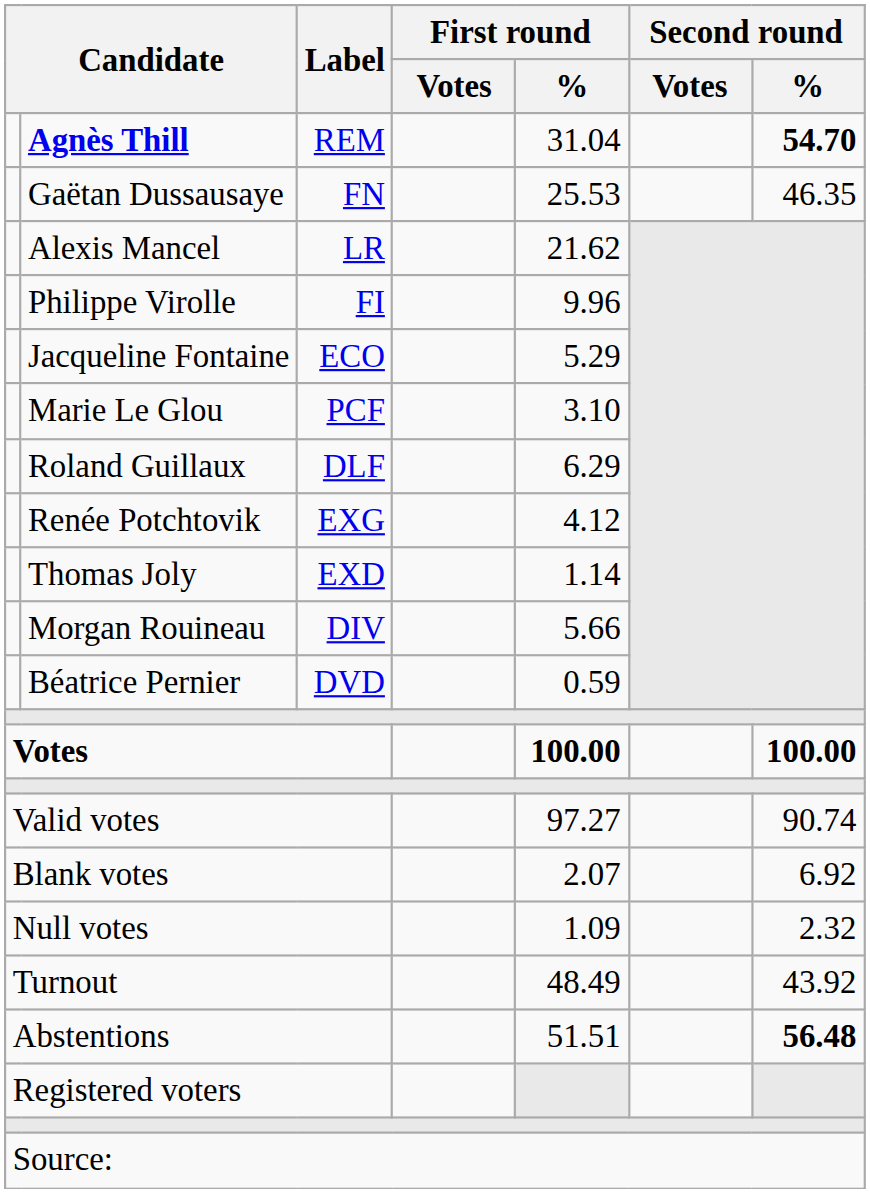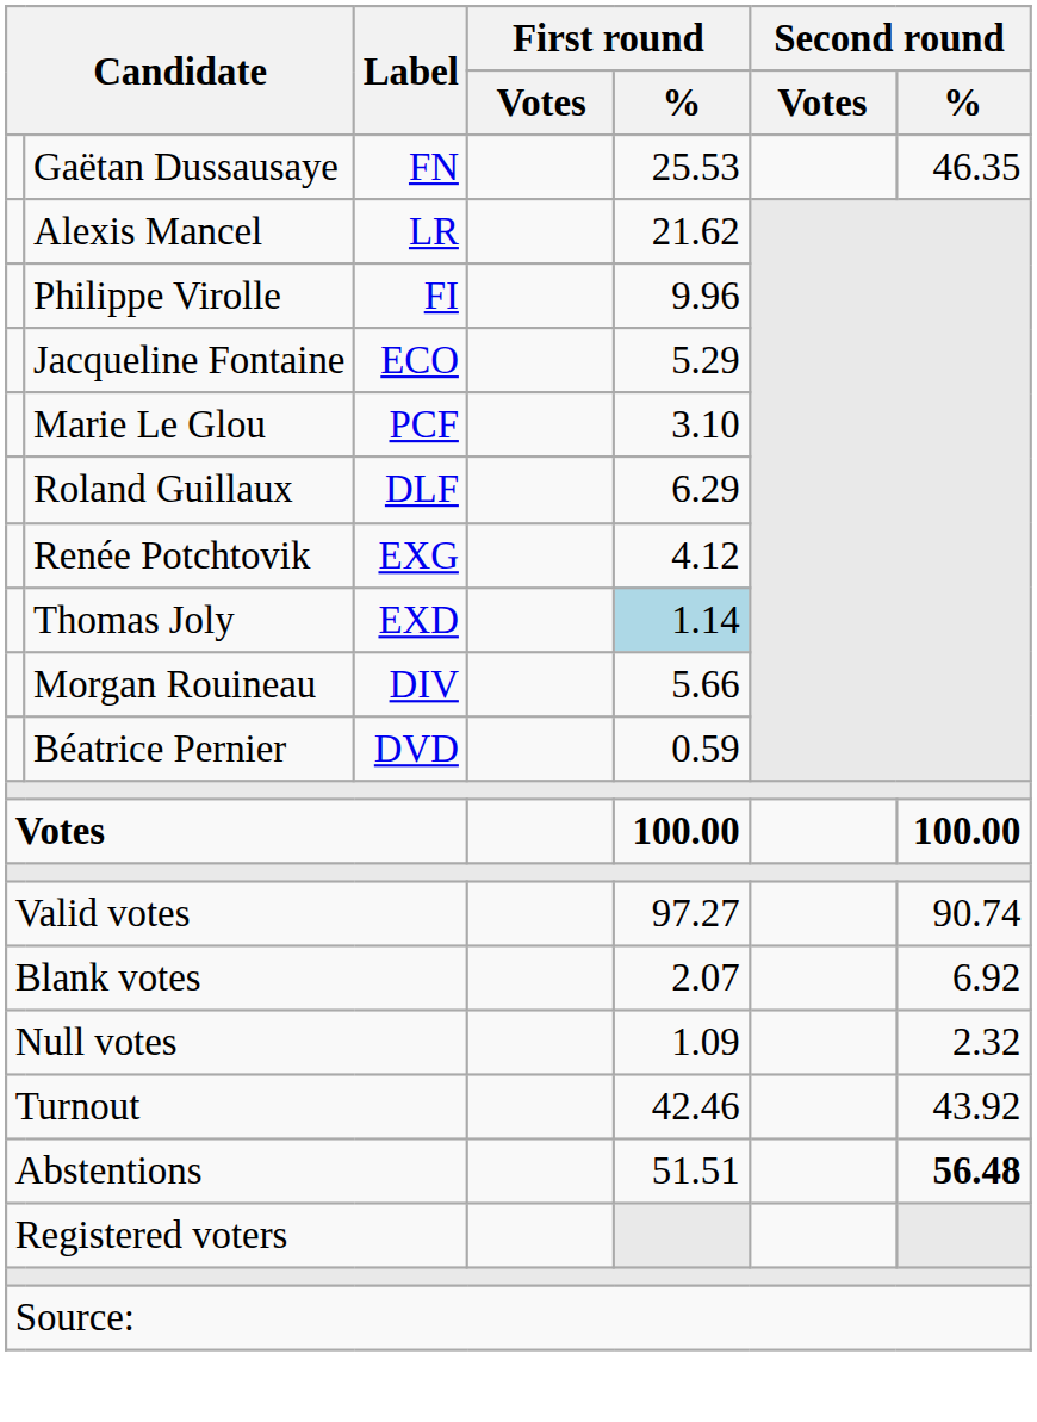 <table class="wikitable" style="text-align:right;font-size:95%;">
 <tr>
 <th rowspan="2" colspan="2">Candidate</th>
 <th rowspan="2">Label</th>
 <th colspan="2">First round</th>
 <th colspan="2">Second round</th>
 </tr>
 <tr>
 <th style="width:50px;">Votes</th>
 <th style="width:45px;">%</th>
 <th style="width:50px;">Votes</th>
 <th style="width:45px;">%</th>
-</tr>
-<tr>
-<td style="color:inherit;background:"></td>
-<td style="text-align:left;"><strong><a href='#'>Agnès Thill</a></strong></td>
-<td><a href='#'>REM</a></td>
-<td></td>
-<td>31.04</td>
-<td><strong></strong></td>
-<td><strong>54.70</strong></td>
 </tr>
 <tr>
 <td style="color:inherit;background:"></td>
 <td style="text-align:left;">Gaëtan Dussausaye</td>
 <td><a href='#'>FN</a></td>
 <td></td>
 <td>25.53</td>
 <td></td>
 <td>46.35</td>
 </tr>
 <tr>
 <td style="color:inherit;background:"></td>
 <td style="text-align:left;">Alexis Mancel</td>
 <td><a href='#'>LR</a></td>
 <td></td>
 <td>21.62</td>
 <td colspan="2" rowspan="9" style="background:#E9E9E9;"></td>
 </tr>
 <tr>
 <td style="color:inherit;background:"></td>
 <td style="text-align:left;">Philippe Virolle</td>
 <td><a href='#'>FI</a></td>
 <td></td>
 <td>9.96</td>
 </tr>
 <tr>
 <td style="color:inherit;background:"></td>
 <td style="text-align:left;">Jacqueline Fontaine</td>
 <td><a href='#'>ECO</a></td>
 <td></td>
 <td>5.29</td>
 </tr>
 <tr>
 <td style="color:inherit;background:"></td>
 <td style="text-align:left;">Marie Le Glou</td>
 <td><a href='#'>PCF</a></td>
 <td></td>
 <td>3.10</td>
 </tr>
 <tr>
 <td style="color:inherit;background:"></td>
 <td style="text-align:left;">Roland Guillaux</td>
 <td><a href='#'>DLF</a></td>
 <td></td>
 <td>6.29</td>
 </tr>
 <tr>
 <td style="color:inherit;background:"></td>
 <td style="text-align:left;">Renée Potchtovik</td>
 <td><a href='#'>EXG</a></td>
 <td></td>
 <td>4.12</td>
 </tr>
 <tr>
 <td style="color:inherit;background:"></td>
 <td style="text-align:left;">Thomas Joly</td>
 <td><a href='#'>EXD</a></td>
 <td></td>
-<td>1.14</td>
+<td style="background: lightblue;">1.14</td>
 </tr>
 <tr>
 <td style="color:inherit;background:"></td>
 <td style="text-align:left;">Morgan Rouineau</td>
 <td><a href='#'>DIV</a></td>
 <td></td>
 <td>5.66</td>
 </tr>
 <tr>
 <td style="color:inherit;background:"></td>
 <td style="text-align:left;">Béatrice Pernier</td>
 <td><a href='#'>DVD</a></td>
 <td></td>
 <td>0.59</td>
 </tr>
 <tr>
 <td colspan="7" style="background:#E9E9E9;"></td>
 </tr>
 <tr style="font-weight:bold;">
 <td colspan="3" style="text-align:left;">Votes</td>
 <td></td>
 <td>100.00</td>
 <td></td>
 <td>100.00</td>
 </tr>
 <tr>
 <td colspan="7" style="background:#E9E9E9;"></td>
 </tr>
 <tr>
 <td colspan="3" style="text-align:left;">Valid votes</td>
 <td></td>
 <td>97.27</td>
 <td></td>
 <td>90.74</td>
 </tr>
 <tr>
 <td colspan="3" style="text-align:left;">Blank votes</td>
 <td></td>
 <td>2.07</td>
 <td></td>
 <td>6.92</td>
 </tr>
 <tr>
 <td colspan="3" style="text-align:left;">Null votes</td>
 <td></td>
 <td>1.09</td>
 <td></td>
 <td>2.32</td>
 </tr>
 <tr>
 <td colspan="3" style="text-align:left;">Turnout</td>
 <td></td>
-<td>48.49</td>
+<td>42.46</td>
 <td></td>
 <td>43.92</td>
 </tr>
 <tr>
 <td colspan="3" style="text-align:left;">Abstentions</td>
 <td></td>
 <td>51.51</td>
 <td></td>
 <td><strong>56.48</strong></td>
 </tr>
 <tr>
 <td colspan="3" style="text-align:left;">Registered voters</td>
 <td></td>
 <td style="background:#E9E9E9;"></td>
 <td></td>
 <td style="background:#E9E9E9;"></td>
 </tr>
 <tr>
 <td colspan="7" style="background:#E9E9E9;"></td>
 </tr>
 <tr>
 <td colspan="7" style="text-align:left;">Source: </td>
 </tr>
 </table>
